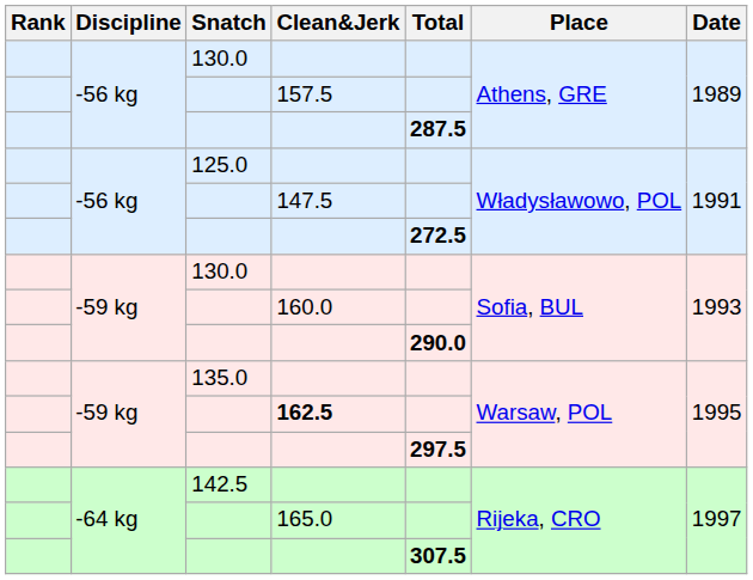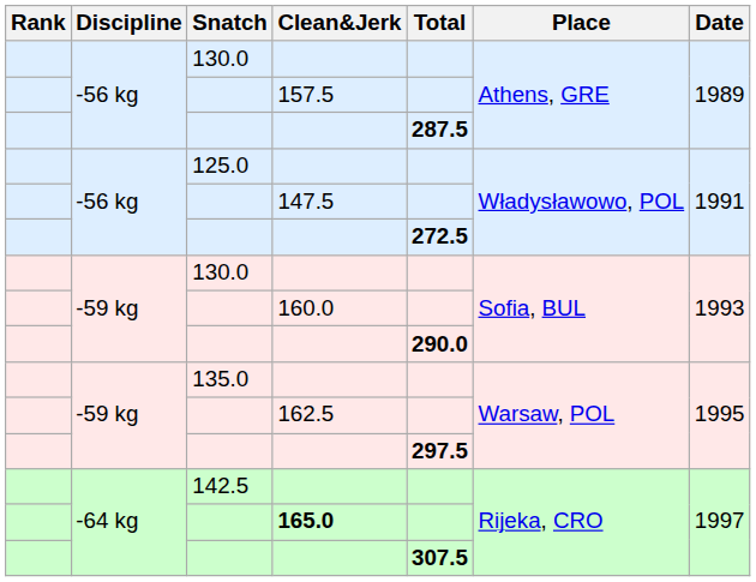 <table class="wikitable">
 <tr>
 <th>Rank</th>
 <th>Discipline</th>
 <th>Snatch</th>
 <th>Clean&Jerk</th>
 <th>Total</th>
 <th>Place</th>
 <th>Date</th>
 </tr>
 <tr bgcolor=#DDEEFF>
 <td></td>
 <td rowspan=3>-56 kg</td>
 <td>130.0</td>
 <td></td>
 <td></td>
 <td rowspan=3><a href='#'>Athens</a>, <a href='#'>GRE</a></td>
 <td rowspan=3>1989</td>
 </tr>
 <tr bgcolor=#DDEEFF>
 <td></td>
 <td></td>
 <td>157.5</td>
 <td></td>
 </tr>
 <tr bgcolor=#DDEEFF>
 <td><strong></strong></td>
 <td></td>
 <td></td>
 <td><strong>287.5</strong></td>
 </tr>
 <tr bgcolor=#DDEEFF>
 <td></td>
 <td rowspan=3>-56 kg</td>
 <td>125.0</td>
 <td></td>
 <td></td>
 <td rowspan=3><a href='#'>Władysławowo</a>, <a href='#'>POL</a></td>
 <td rowspan=3>1991</td>
 </tr>
 <tr bgcolor=#DDEEFF>
 <td></td>
 <td></td>
 <td>147.5</td>
 <td></td>
 </tr>
 <tr bgcolor=#DDEEFF>
 <td><strong></strong></td>
 <td></td>
 <td></td>
 <td><strong>272.5</strong></td>
 </tr>
 <tr bgcolor=#FFE8E8>
 <td></td>
 <td rowspan=3>-59 kg</td>
 <td>130.0</td>
 <td></td>
 <td></td>
 <td rowspan=3><a href='#'>Sofia</a>, <a href='#'>BUL</a></td>
 <td rowspan=3>1993</td>
 </tr>
 <tr bgcolor=#FFE8E8>
 <td></td>
 <td></td>
 <td>160.0</td>
 <td></td>
 </tr>
 <tr bgcolor=#FFE8E8>
 <td><strong></strong></td>
 <td></td>
 <td></td>
 <td><strong>290.0</strong></td>
 </tr>
 <tr bgcolor=#FFE8E8>
 <td></td>
 <td rowspan=3>-59 kg</td>
 <td>135.0</td>
 <td></td>
 <td></td>
 <td rowspan=3><a href='#'>Warsaw</a>, <a href='#'>POL</a></td>
 <td rowspan=3>1995</td>
 </tr>
 <tr bgcolor=#FFE8E8>
 <td></td>
 <td></td>
-<td><strong>162.5</strong></td>
+<td>162.5</td>
 <td></td>
 </tr>
 <tr bgcolor=#FFE8E8>
 <td><strong></strong></td>
 <td></td>
 <td></td>
 <td><strong>297.5</strong></td>
 </tr>
 <tr bgcolor=#CCFFCC>
 <td></td>
 <td rowspan=3>-64 kg</td>
 <td>142.5</td>
 <td></td>
 <td></td>
 <td rowspan=3><a href='#'>Rijeka</a>, <a href='#'>CRO</a></td>
 <td rowspan=3>1997</td>
 </tr>
 <tr bgcolor=#CCFFCC>
 <td></td>
 <td></td>
-<td>165.0</td>
+<td><strong>165.0</strong></td>
 <td></td>
 </tr>
 <tr bgcolor=#CCFFCC>
 <td><strong></strong></td>
 <td></td>
 <td></td>
 <td><strong>307.5</strong></td>
 </tr>
 </table>
